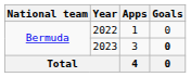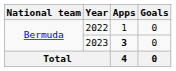 <table class="wikitable" style="text-align:center">
 <tr>
 <th>National team</th>
 <th>Year</th>
 <th>Apps</th>
 <th>Goals</th>
 </tr>
 <tr>
 <td rowspan=2><a href='#'>Bermuda</a></td>
 <td>2022</td>
 <td>1</td>
 <td>0</td>
 </tr>
 <tr>
 <td>2023</td>
-<td>3</td>
-<td><strong>0</strong></td>
+<td><strong>3</strong></td>
+<td>0</td>
 </tr>
 <tr>
 <th colspan="2">Total</th>
 <th>4</th>
 <th>0</th>
 </tr>
 </table>
